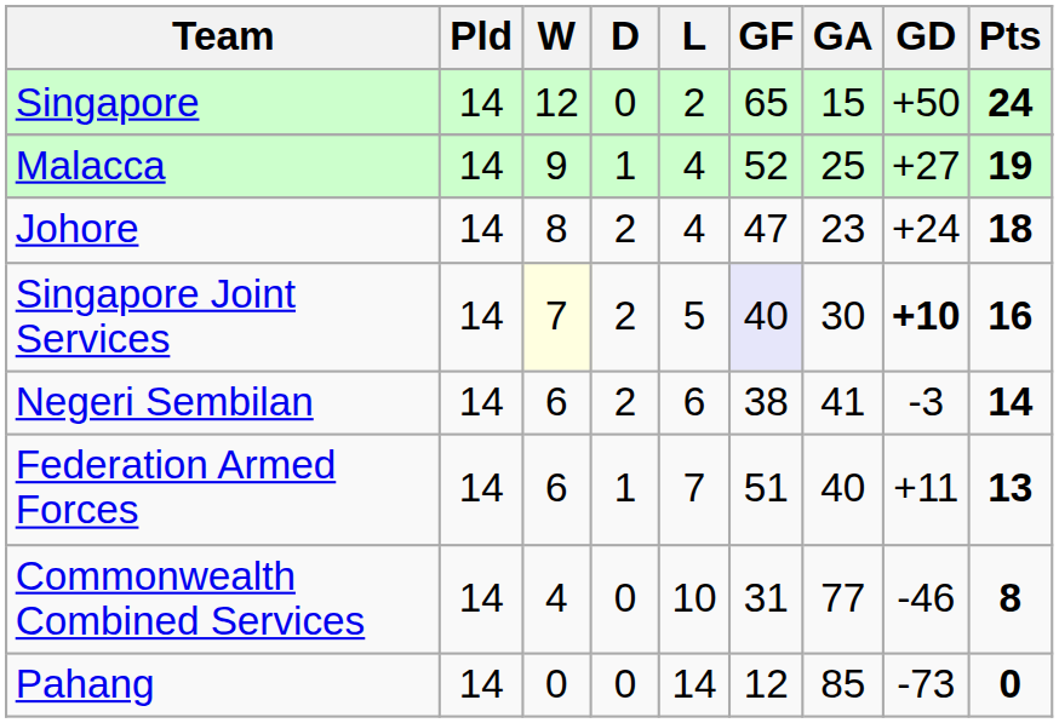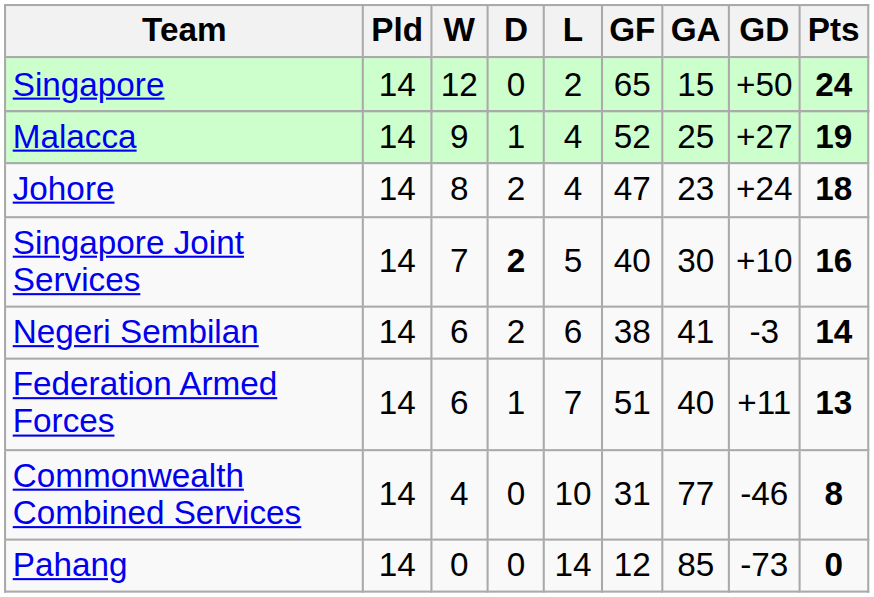 <table class="wikitable" style="text-align: center;">
 <tr>
 <th width=165>Team</th>
 <th width=20>Pld</th>
 <th width=20>W</th>
 <th width=20>D</th>
 <th width=20>L</th>
 <th width=20>GF</th>
 <th width=20>GA</th>
 <th width=20>GD</th>
 <th width=20>Pts</th>
 </tr>
 <tr style="background: #ccffcc;">
 <td align=left><a href='#'>Singapore</a></td>
 <td>14</td>
 <td>12</td>
 <td>0</td>
 <td>2</td>
 <td>65</td>
 <td>15</td>
 <td>+50</td>
 <td><strong>24</strong></td>
 </tr>
 <tr>
 </tr>
 <tr style="background: #ccffcc;">
 <td align=left><a href='#'>Malacca</a></td>
 <td>14</td>
 <td>9</td>
 <td>1</td>
 <td>4</td>
 <td>52</td>
 <td>25</td>
 <td>+27</td>
 <td><strong>19</strong></td>
 </tr>
 <tr>
 <td align=left><a href='#'>Johore</a></td>
 <td>14</td>
 <td>8</td>
 <td>2</td>
 <td>4</td>
 <td>47</td>
 <td>23</td>
 <td>+24</td>
 <td><strong>18</strong></td>
 </tr>
 <tr>
 <td align=left><a href='#'>Singapore Joint Services</a></td>
 <td>14</td>
-<td style="background: lightyellow;">7</td>
-<td>2</td>
+<td>7</td>
+<td><strong>2</strong></td>
 <td>5</td>
-<td style="background: lavender;">40</td>
+<td>40</td>
 <td>30</td>
-<td><strong>+10</strong></td>
+<td>+10</td>
 <td><strong>16</strong></td>
 </tr>
 <tr>
 <td align=left><a href='#'>Negeri Sembilan</a></td>
 <td>14</td>
 <td>6</td>
 <td>2</td>
 <td>6</td>
 <td>38</td>
 <td>41</td>
 <td>-3</td>
 <td><strong>14</strong></td>
 </tr>
 <tr>
 <td align=left><a href='#'>Federation Armed Forces</a></td>
 <td>14</td>
 <td>6</td>
 <td>1</td>
 <td>7</td>
 <td>51</td>
 <td>40</td>
 <td>+11</td>
 <td><strong>13</strong></td>
 </tr>
 <tr>
 <td align=left><a href='#'>Commonwealth Combined Services</a></td>
 <td>14</td>
 <td>4</td>
 <td>0</td>
 <td>10</td>
 <td>31</td>
 <td>77</td>
 <td>-46</td>
 <td><strong>8</strong></td>
 </tr>
 <tr>
 <td align=left><a href='#'>Pahang</a></td>
 <td>14</td>
 <td>0</td>
 <td>0</td>
 <td>14</td>
 <td>12</td>
 <td>85</td>
 <td>-73</td>
 <td><strong>0</strong></td>
 </tr>
 </table>
